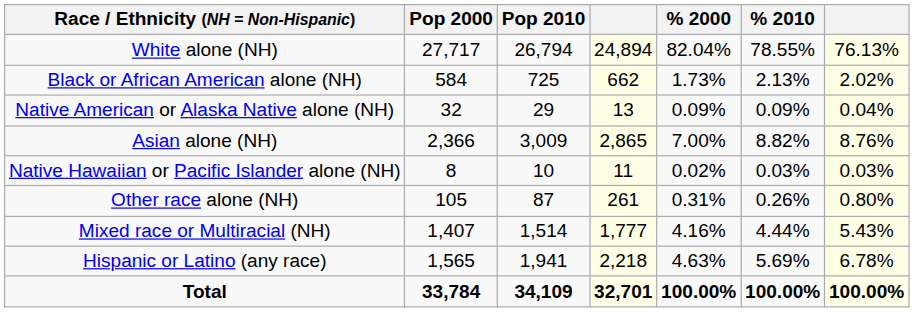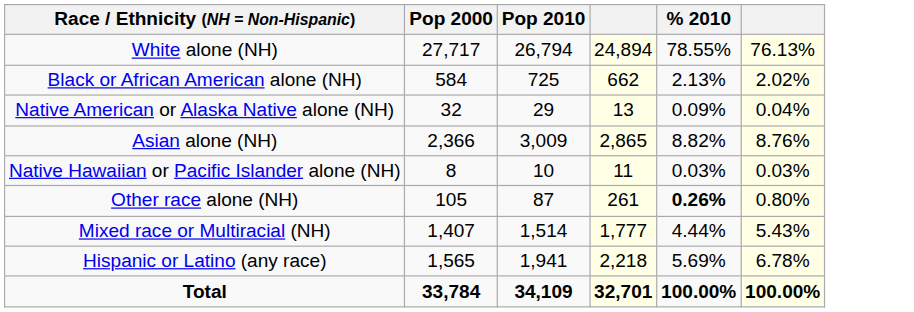 <table class="wikitable" style="text-align:center;">
 <tr>
 <th>Race / Ethnicity <small>(<em>NH = Non-Hispanic</em>)</small></th>
 <th>Pop 2000</th>
 <th>Pop 2010</th>
 <th></th>
-<th>% 2000</th>
 <th>% 2010</th>
 <th></th>
 </tr>
 <tr>
 <td><a href='#'>White</a> alone (NH)</td>
 <td>27,717</td>
 <td>26,794</td>
 <td style='background: #ffffe6;'>24,894</td>
-<td>82.04%</td>
 <td>78.55%</td>
 <td style='background: #ffffe6;'>76.13%</td>
 </tr>
 <tr>
 <td><a href='#'>Black or African American</a> alone (NH)</td>
 <td>584</td>
 <td>725</td>
 <td style='background: #ffffe6;'>662</td>
-<td>1.73%</td>
 <td>2.13%</td>
 <td style='background: #ffffe6;'>2.02%</td>
 </tr>
 <tr>
 <td><a href='#'>Native American</a> or <a href='#'>Alaska Native</a> alone (NH)</td>
 <td>32</td>
 <td>29</td>
 <td style='background: #ffffe6;'>13</td>
 <td>0.09%</td>
-<td>0.09%</td>
 <td style='background: #ffffe6;'>0.04%</td>
 </tr>
 <tr>
 <td><a href='#'>Asian</a> alone (NH)</td>
 <td>2,366</td>
 <td>3,009</td>
 <td style='background: #ffffe6;'>2,865</td>
-<td>7.00%</td>
 <td>8.82%</td>
 <td style='background: #ffffe6;'>8.76%</td>
 </tr>
 <tr>
 <td><a href='#'>Native Hawaiian</a> or <a href='#'>Pacific Islander</a> alone (NH)</td>
 <td>8</td>
 <td>10</td>
 <td style='background: #ffffe6;'>11</td>
-<td>0.02%</td>
 <td>0.03%</td>
 <td style='background: #ffffe6;'>0.03%</td>
 </tr>
 <tr>
 <td><a href='#'>Other race</a> alone (NH)</td>
 <td>105</td>
 <td>87</td>
 <td style='background: #ffffe6;'>261</td>
-<td>0.31%</td>
-<td>0.26%</td>
+<td><strong>0.26%</strong></td>
 <td style='background: #ffffe6;'>0.80%</td>
 </tr>
 <tr>
 <td><a href='#'>Mixed race or Multiracial</a> (NH)</td>
 <td>1,407</td>
 <td>1,514</td>
 <td style='background: #ffffe6;'>1,777</td>
-<td>4.16%</td>
 <td>4.44%</td>
 <td style='background: #ffffe6;'>5.43%</td>
 </tr>
 <tr>
 <td><a href='#'>Hispanic or Latino</a> (any race)</td>
 <td>1,565</td>
 <td>1,941</td>
 <td style='background: #ffffe6;'>2,218</td>
-<td>4.63%</td>
 <td>5.69%</td>
 <td style='background: #ffffe6;'>6.78%</td>
 </tr>
 <tr>
 <td><strong>Total</strong></td>
 <td><strong>33,784</strong></td>
 <td><strong>34,109</strong></td>
 <td style='background: #ffffe6;'><strong>32,701</strong></td>
 <td><strong>100.00%</strong></td>
-<td><strong>100.00%</strong></td>
 <td style='background: #ffffe6;'><strong>100.00%</strong></td>
 </tr>
 </table>
